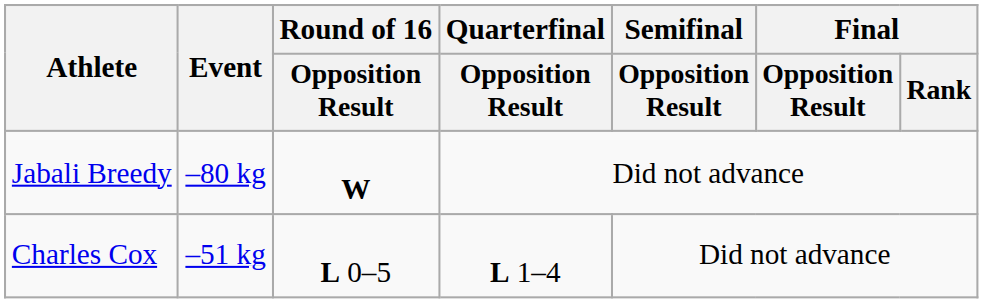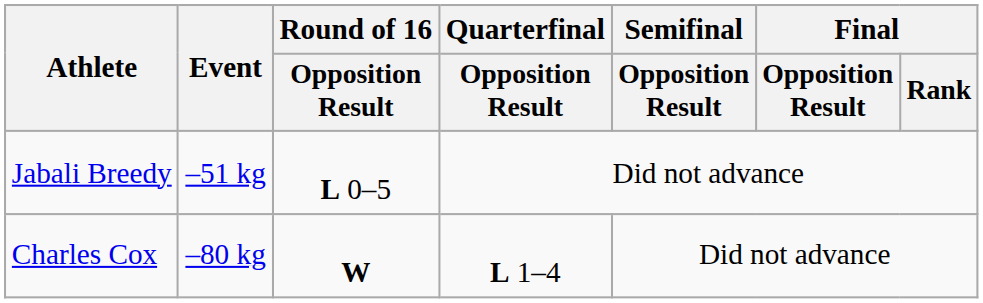 <table class=wikitable style=font-size:90%;text-align:center>
 <tr>
 <th rowspan=2>Athlete</th>
 <th rowspan=2>Event</th>
 <th>Round of 16</th>
 <th>Quarterfinal</th>
 <th>Semifinal</th>
 <th colspan=2>Final</th>
 </tr>
 <tr style=font-size:95%>
 <th>Opposition<br>Result</th>
 <th>Opposition<br>Result</th>
 <th>Opposition<br>Result</th>
 <th>Opposition<br>Result</th>
 <th>Rank</th>
 </tr>
 <tr>
 <td align=left><a href='#'>Jabali Breedy</a></td>
-<td align=left><a href='#'>–80 kg</a></td>
-<td><br><strong>W</strong> </td>
+<td align=left><a href='#'>–51 kg</a></td>
+<td><br><strong>L</strong> 0–5</td>
 <td colspan="4">Did not advance</td>
 </tr>
 <tr>
 <td align=left><a href='#'>Charles Cox</a></td>
-<td align=left><a href='#'>–51 kg</a></td>
-<td><br><strong>L</strong> 0–5</td>
+<td align=left><a href='#'>–80 kg</a></td>
+<td><br><strong>W</strong> </td>
 <td><br><strong>L</strong> 1–4</td>
 <td colspan="3">Did not advance</td>
 </tr>
 </table>
